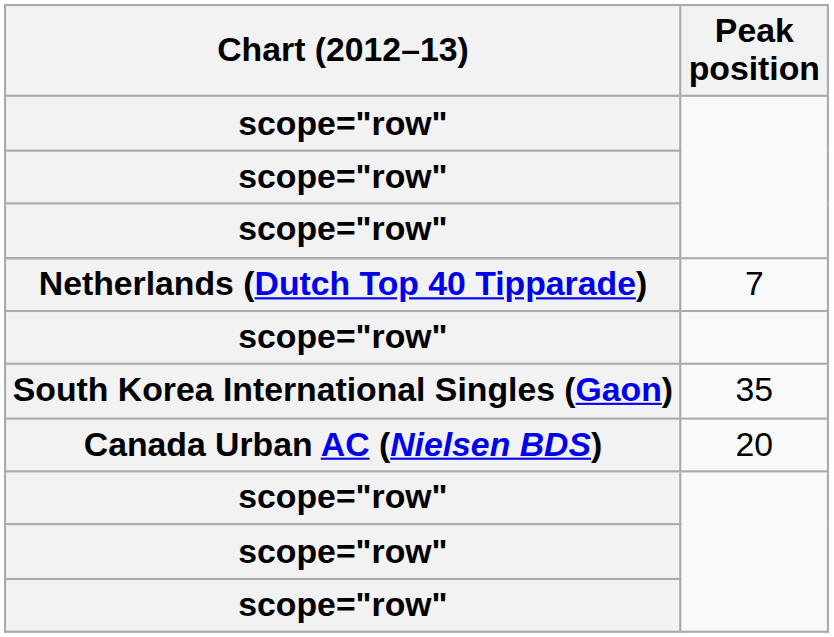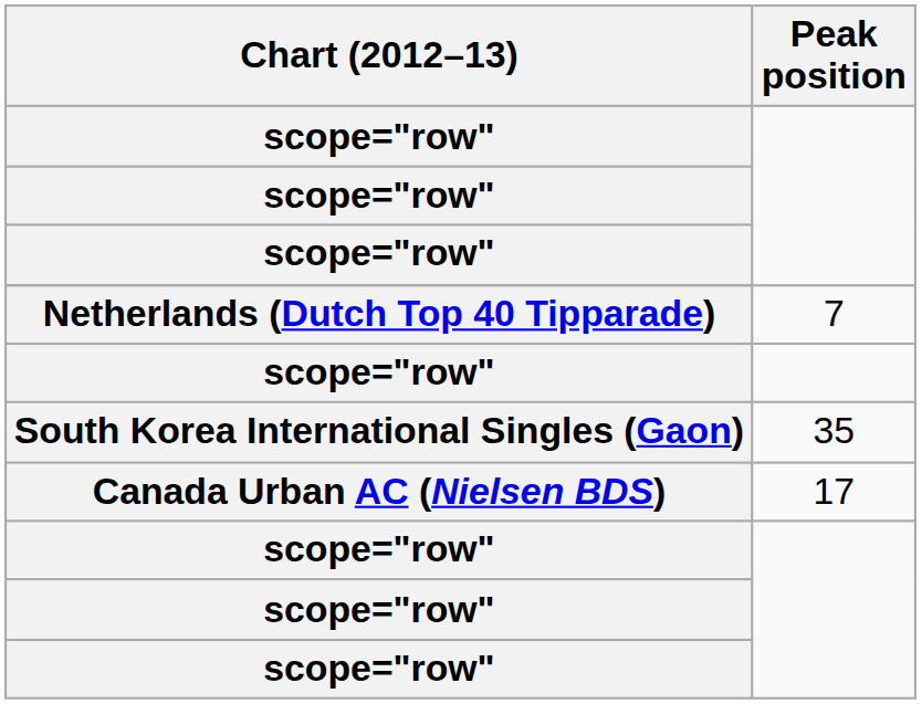 <table class="wikitable plainrowheaders sortable">
 <tr>
 <th>Chart (2012–13)</th>
 <th>Peak<br>position</th>
 </tr>
 <tr>
 <th>scope="row"</th>
 </tr>
 <tr>
 <th>scope="row"</th>
 </tr>
 <tr>
 <th>scope="row"</th>
 </tr>
 <tr>
 </tr>
 <tr>
 <th scope="row">Netherlands (<a href='#'>Dutch Top 40 Tipparade</a>)</th>
 <td align="center">7</td>
 </tr>
 <tr>
 <th>scope="row"</th>
 </tr>
 <tr>
 <th scope="row">South Korea International Singles (<a href='#'>Gaon</a>)</th>
 <td style="text-align:center;">35</td>
 </tr>
 <tr>
 <th scope="row">Canada Urban <a href='#'>AC</a> (<em><a href='#'>Nielsen BDS</a></em>)</th>
-<td style="text-align:center">20</td>
+<td style="text-align:center">17</td>
 </tr>
 <tr>
 <th>scope="row" </th>
 </tr>
 <tr>
 <th>scope="row" </th>
 </tr>
 <tr>
 <th>scope="row" </th>
 </tr>
 </table>
